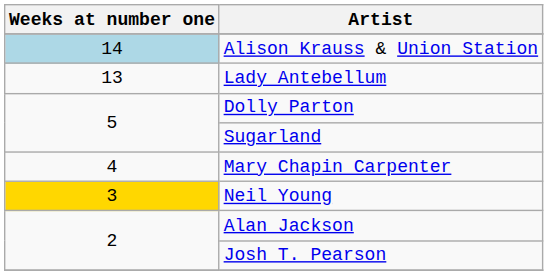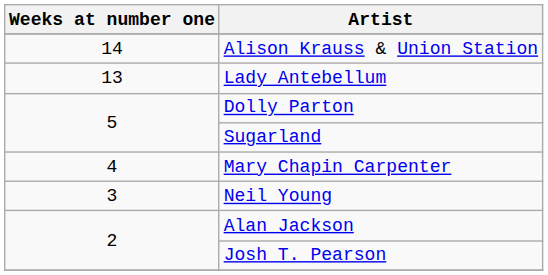 <table class="wikitable plainrowheaders sortable">
 <tr>
 <th scope=col>Weeks at number one</th>
 <th scope=col>Artist</th>
 </tr>
 <tr class=unsortable>
 </tr>
 <tr>
-<td align="center" style="background: lightblue;">14</td>
+<td align="center">14</td>
 <td><a href='#'>Alison Krauss</a> & <a href='#'>Union Station</a></td>
 </tr>
 <tr>
 <td align="center">13</td>
 <td><a href='#'>Lady Antebellum</a></td>
 </tr>
 <tr>
 <td align="center" rowspan=2>5</td>
 <td><a href='#'>Dolly Parton</a></td>
 </tr>
 <tr>
 <td><a href='#'>Sugarland</a></td>
 </tr>
 <tr>
 <td align="center">4</td>
 <td><a href='#'>Mary Chapin Carpenter</a></td>
 </tr>
 <tr>
-<td align="center" style="background: gold;">3</td>
+<td align="center">3</td>
 <td><a href='#'>Neil Young</a></td>
 </tr>
 <tr>
 <td align="center" rowspan=2>2</td>
 <td><a href='#'>Alan Jackson</a></td>
 </tr>
 <tr>
 <td><a href='#'>Josh T. Pearson</a></td>
 </tr>
 <tr>
 </tr>
 </table>
